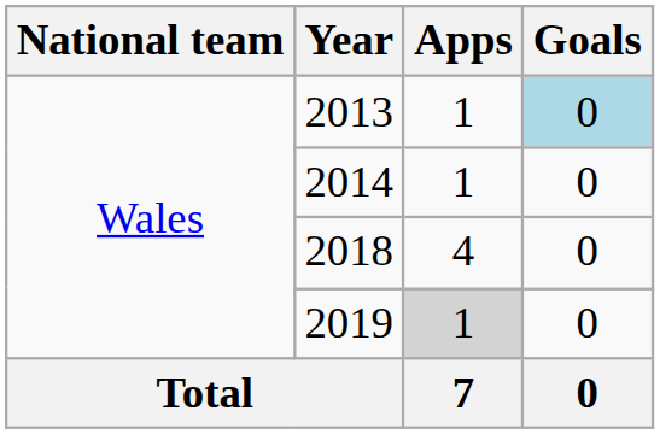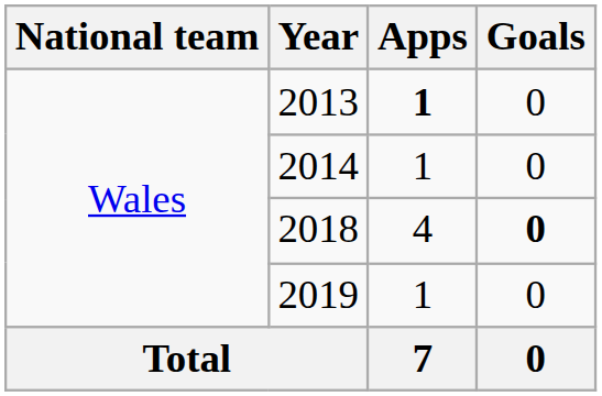 <table class="wikitable" style="text-align: center;">
 <tr>
 <th>National team</th>
 <th>Year</th>
 <th>Apps</th>
 <th>Goals</th>
 </tr>
 <tr>
 <td rowspan="4"><a href='#'>Wales</a></td>
 <td>2013</td>
-<td>1</td>
-<td style="background: lightblue;">0</td>
+<td><strong>1</strong></td>
+<td>0</td>
 </tr>
 <tr>
 <td>2014</td>
 <td>1</td>
 <td>0</td>
 </tr>
 <tr>
 <td>2018</td>
 <td>4</td>
-<td>0</td>
+<td><strong>0</strong></td>
 </tr>
 <tr>
 <td>2019</td>
-<td style="background: lightgrey;">1</td>
+<td>1</td>
 <td>0</td>
 </tr>
 <tr>
 <th colspan="2">Total</th>
 <th>7</th>
 <th>0</th>
 </tr>
 </table>
